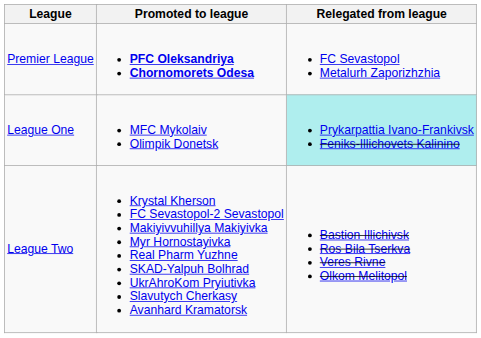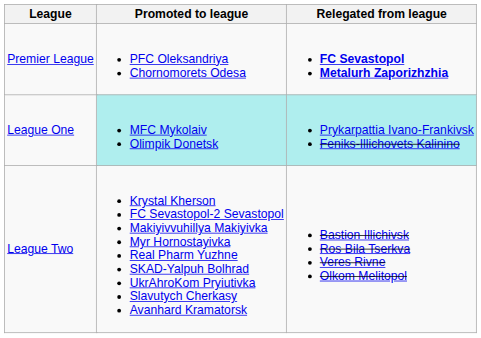 <table class="wikitable">
 <tr>
 <th colspan=2>League</th>
 <th>Promoted to league</th>
 <th>Relegated from league</th>
 </tr>
 <tr>
 <td colspan=2><a href='#'>Premier League</a></td>
-<td><strong><br><ul><li><a href='#'>PFC Oleksandriya</a></li><li><a href='#'>Chornomorets Odesa</a></li></ul></strong></td>
-<td><br><ul><li><a href='#'>FC Sevastopol</a></li><li><a href='#'>Metalurh Zaporizhzhia</a></li></ul></td>
+<td><br><ul><li><a href='#'>PFC Oleksandriya</a></li><li><a href='#'>Chornomorets Odesa</a></li></ul></td>
+<td><strong><br><ul><li><a href='#'>FC Sevastopol</a></li><li><a href='#'>Metalurh Zaporizhzhia</a></li></ul></strong></td>
 </tr>
 <tr>
 <td colspan=2><a href='#'>League One</a></td>
-<td><br><ul><li><a href='#'>MFC Mykolaiv</a></li><li><a href='#'>Olimpik Donetsk</a></li></ul></td>
+<td style="background: paleturquoise;"><br><ul><li><a href='#'>MFC Mykolaiv</a></li><li><a href='#'>Olimpik Donetsk</a></li></ul></td>
 <td style="background: paleturquoise;"><br><ul><li><a href='#'>Prykarpattia Ivano-Frankivsk</a></li><li><del><a href='#'>Feniks-Illichovets Kalinino</a></del></li></ul></td>
 </tr>
 <tr>
 <td colspan=2><a href='#'>League Two</a></td>
 <td><br><ul><li><a href='#'>Krystal Kherson</a></li><li><a href='#'>FC Sevastopol-2 Sevastopol</a></li><li><a href='#'>Makiyivvuhillya Makiyivka</a></li><li><a href='#'>Myr Hornostayivka</a></li><li><a href='#'>Real Pharm Yuzhne</a></li><li><a href='#'>SKAD-Yalpuh Bolhrad</a></li><li><a href='#'>UkrAhroKom Pryiutivka</a></li><li><a href='#'>Slavutych Cherkasy</a></li><li><a href='#'>Avanhard Kramatorsk</a></li></ul></td>
 <td><br><ul><li><del><a href='#'>Bastion Illichivsk</a></del></li><li><del><a href='#'>Ros Bila Tserkva</a></del></li><li><del><a href='#'>Veres Rivne</a></del></li><li><del><a href='#'>Olkom Melitopol</a></del></li></ul></td>
 </tr>
 </table>
